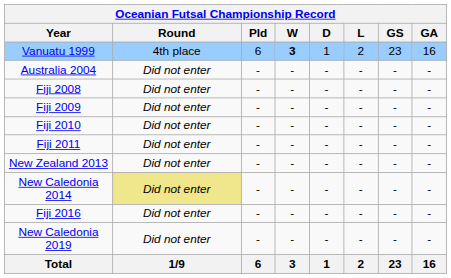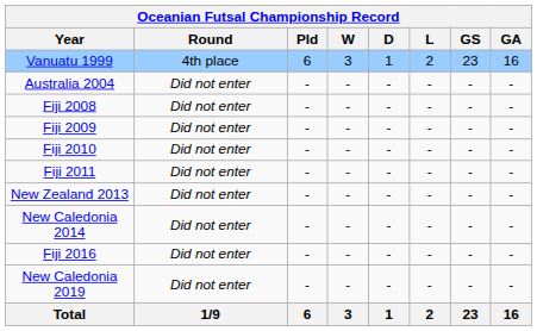 <table class="wikitable" style="text-align: center;font-size:90%;">
 <tr>
 <th colspan=8><a href='#'>Oceanian Futsal Championship Record</a></th>
 </tr>
 <tr>
 <th width=125>Year</th>
 <th width=150>Round</th>
 <th width=35>Pld</th>
 <th width=35>W</th>
 <th width=35>D</th>
 <th width=35>L</th>
 <th width=35>GS</th>
 <th width=35>GA</th>
 </tr>
 <tr bgcolor=#9acdff>
 <td><a href='#'>Vanuatu 1999</a></td>
 <td>4th place</td>
 <td>6</td>
-<td><strong>3</strong></td>
+<td>3</td>
 <td>1</td>
 <td>2</td>
 <td>23</td>
 <td>16</td>
 </tr>
 <tr>
 <td><a href='#'>Australia 2004</a></td>
 <td><em>Did not enter</em></td>
 <td>-</td>
 <td>-</td>
 <td>-</td>
 <td>-</td>
 <td>-</td>
 <td>-</td>
 </tr>
 <tr>
 <td><a href='#'>Fiji 2008</a></td>
 <td><em>Did not enter</em></td>
 <td>-</td>
 <td>-</td>
 <td>-</td>
 <td>-</td>
 <td>-</td>
 <td>-</td>
 </tr>
 <tr>
 <td><a href='#'>Fiji 2009</a></td>
 <td><em>Did not enter</em></td>
 <td>-</td>
 <td>-</td>
 <td>-</td>
 <td>-</td>
 <td>-</td>
 <td>-</td>
 </tr>
 <tr>
 <td><a href='#'>Fiji 2010</a></td>
 <td><em>Did not enter</em></td>
 <td>-</td>
 <td>-</td>
 <td>-</td>
 <td>-</td>
 <td>-</td>
 <td>-</td>
 </tr>
 <tr>
 <td><a href='#'>Fiji 2011</a></td>
 <td><em>Did not enter</em></td>
 <td>-</td>
 <td>-</td>
 <td>-</td>
 <td>-</td>
 <td>-</td>
 <td>-</td>
 </tr>
 <tr>
 <td><a href='#'>New Zealand 2013</a></td>
 <td><em>Did not enter</em></td>
 <td>-</td>
 <td>-</td>
 <td>-</td>
 <td>-</td>
 <td>-</td>
 <td>-</td>
 </tr>
 <tr>
 <td><a href='#'>New Caledonia 2014</a></td>
-<td style="background: khaki;"><em>Did not enter</em></td>
+<td><em>Did not enter</em></td>
 <td>-</td>
 <td>-</td>
 <td>-</td>
 <td>-</td>
 <td>-</td>
 <td>-</td>
 </tr>
 <tr>
 <td><a href='#'>Fiji 2016</a></td>
 <td><em>Did not enter</em></td>
 <td>-</td>
 <td>-</td>
 <td>-</td>
 <td>-</td>
 <td>-</td>
 <td>-</td>
 </tr>
 <tr>
 <td><a href='#'>New Caledonia 2019</a></td>
 <td><em>Did not enter</em></td>
 <td>-</td>
 <td>-</td>
 <td>-</td>
 <td>-</td>
 <td>-</td>
 <td>-</td>
 </tr>
 <tr>
 <th><strong>Total</strong></th>
 <th>1/9</th>
 <th>6</th>
 <th>3</th>
 <th>1</th>
 <th>2</th>
 <th>23</th>
 <th>16</th>
 </tr>
 </table>
